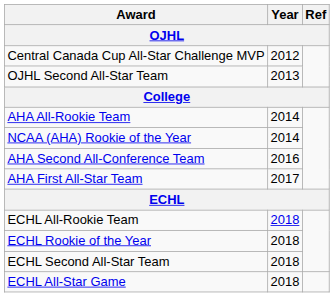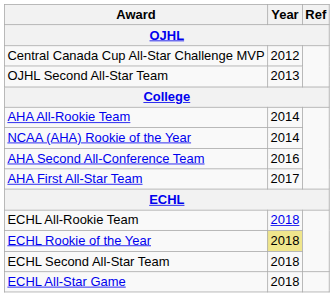 <table class="wikitable">
 <tr>
 <th>Award</th>
 <th>Year</th>
 <th>Ref</th>
 </tr>
 <tr>
 <th colspan="3"><a href='#'>OJHL</a></th>
 </tr>
 <tr>
 <td>Central Canada Cup All-Star Challenge MVP</td>
 <td>2012</td>
 <td rowspan="2"></td>
 </tr>
 <tr>
 <td>OJHL Second All-Star Team</td>
 <td>2013</td>
 </tr>
 <tr>
 <th colspan="3"><a href='#'>College</a></th>
 </tr>
 <tr>
 <td><a href='#'>AHA All-Rookie Team</a></td>
 <td>2014</td>
 <td rowspan="4"></td>
 </tr>
 <tr>
 <td><a href='#'>NCAA (AHA) Rookie of the Year</a></td>
 <td>2014</td>
 </tr>
 <tr>
 <td><a href='#'>AHA Second All-Conference Team</a></td>
 <td>2016</td>
 </tr>
 <tr>
 <td><a href='#'>AHA First All-Star Team</a></td>
 <td>2017</td>
 </tr>
 <tr>
 <th colspan="3"><a href='#'>ECHL</a></th>
 </tr>
 <tr>
 <td>ECHL All-Rookie Team</td>
 <td><a href='#'>2018</a></td>
 <td rowspan="3"></td>
 </tr>
 <tr>
 <td><a href='#'>ECHL Rookie of the Year</a></td>
-<td>2018</td>
+<td style="background: khaki;">2018</td>
 </tr>
 <tr>
 <td>ECHL Second All-Star Team</td>
 <td>2018</td>
 </tr>
 <tr>
 <td><a href='#'>ECHL All-Star Game</a></td>
 <td>2018</td>
 <td></td>
 </tr>
 </table>
